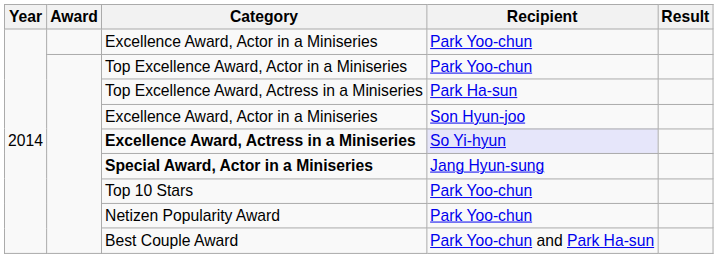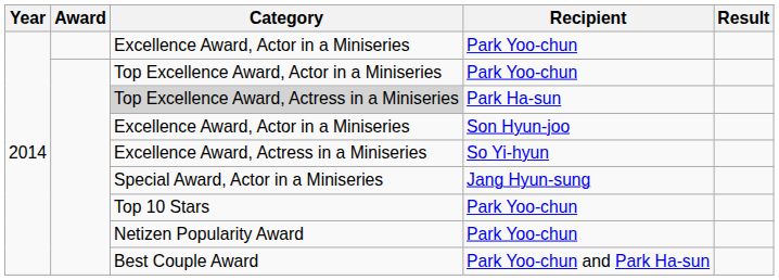 <table class="wikitable">
 <tr>
 <th>Year</th>
 <th>Award</th>
 <th>Category</th>
 <th>Recipient</th>
 <th>Result</th>
 </tr>
 <tr>
 <td rowspan=9>2014</td>
 <td></td>
 <td>Excellence Award, Actor in a Miniseries</td>
 <td><a href='#'>Park Yoo-chun</a></td>
 <td></td>
 </tr>
 <tr>
 <td rowspan=8></td>
 <td>Top Excellence Award, Actor in a Miniseries</td>
 <td><a href='#'>Park Yoo-chun</a></td>
 <td></td>
 </tr>
 <tr>
-<td>Top Excellence Award, Actress in a Miniseries</td>
+<td style="background: lightgrey;">Top Excellence Award, Actress in a Miniseries</td>
 <td><a href='#'>Park Ha-sun</a></td>
 <td></td>
 </tr>
 <tr>
 <td>Excellence Award, Actor in a Miniseries</td>
 <td><a href='#'>Son Hyun-joo</a></td>
 <td></td>
 </tr>
 <tr>
-<td><strong>Excellence Award, Actress in a Miniseries</strong></td>
-<td style="background: lavender;"><a href='#'>So Yi-hyun</a></td>
+<td>Excellence Award, Actress in a Miniseries</td>
+<td><a href='#'>So Yi-hyun</a></td>
 <td></td>
 </tr>
 <tr>
-<td><strong>Special Award, Actor in a Miniseries</strong></td>
+<td>Special Award, Actor in a Miniseries</td>
 <td><a href='#'>Jang Hyun-sung</a></td>
 <td></td>
 </tr>
 <tr>
 <td>Top 10 Stars</td>
 <td><a href='#'>Park Yoo-chun</a></td>
 <td></td>
 </tr>
 <tr>
 <td>Netizen Popularity Award</td>
 <td><a href='#'>Park Yoo-chun</a></td>
 <td></td>
 </tr>
 <tr>
 <td>Best Couple Award</td>
 <td><a href='#'>Park Yoo-chun</a> and <a href='#'>Park Ha-sun</a></td>
 <td></td>
 </tr>
 </table>
